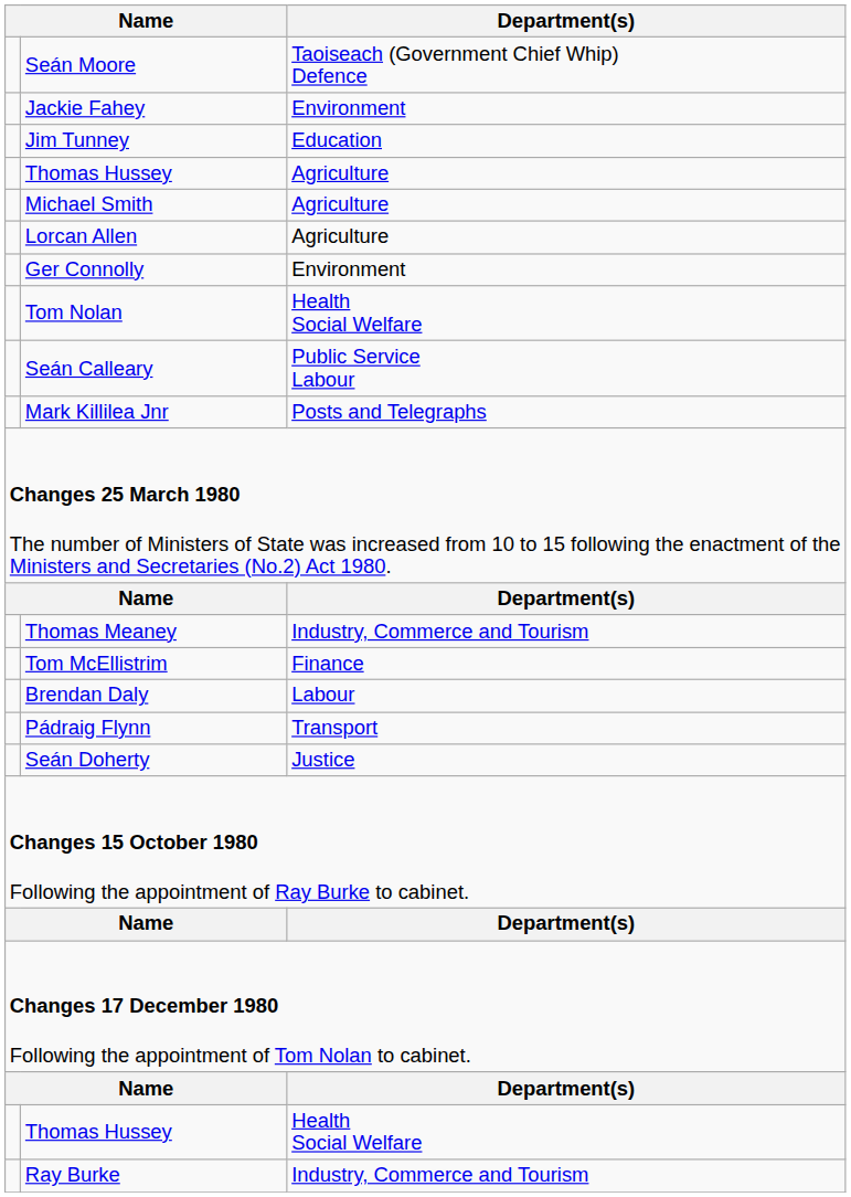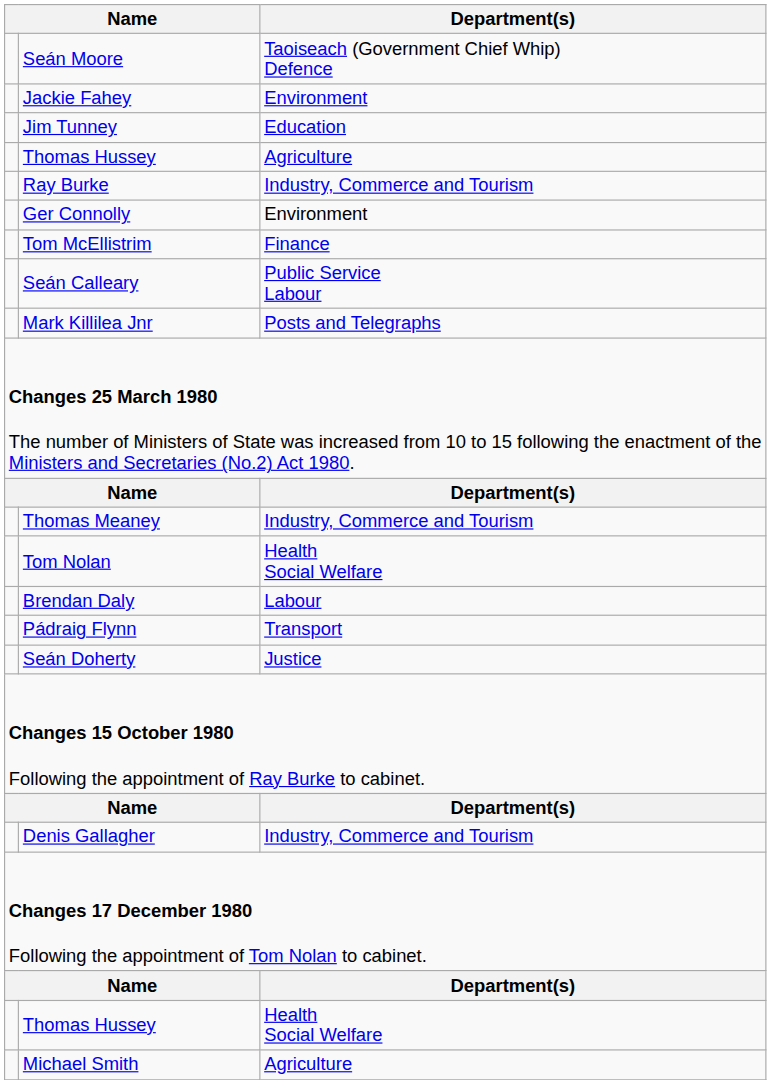 <table class="wikitable">
 <tr>
 <th colspan="2">Name</th>
 <th>Department(s)</th>
 </tr>
 <tr>
 <td style="background-color: "></td>
 <td><a href='#'>Seán Moore</a></td>
 <td><a href='#'>Taoiseach</a> (Government Chief Whip)<br><a href='#'>Defence</a></td>
 </tr>
 <tr>
 <td style="background-color: "></td>
 <td><a href='#'>Jackie Fahey</a></td>
 <td><a href='#'>Environment</a></td>
 </tr>
 <tr>
 <td style="background-color: "></td>
 <td><a href='#'>Jim Tunney</a></td>
 <td><a href='#'>Education</a></td>
 </tr>
 <tr>
 <td style="background-color: "></td>
 <td><a href='#'>Thomas Hussey</a></td>
 <td><a href='#'>Agriculture</a></td>
 </tr>
 <tr>
 <td style="background-color: "></td>
-<td><a href='#'>Michael Smith</a></td>
-<td><a href='#'>Agriculture</a></td>
-</tr>
-<tr>
-<td style="background-color: "></td>
-<td><a href='#'>Lorcan Allen</a></td>
-<td>Agriculture</td>
+<td><a href='#'>Ray Burke</a></td>
+<td><a href='#'>Industry, Commerce and Tourism</a></td>
 </tr>
 <tr>
 <td style="background-color: "></td>
 <td><a href='#'>Ger Connolly</a></td>
 <td>Environment</td>
 </tr>
 <tr>
 <td style="background-color: "></td>
-<td><a href='#'>Tom Nolan</a></td>
-<td><a href='#'>Health</a><br><a href='#'>Social Welfare</a></td>
+<td><a href='#'>Tom McEllistrim</a></td>
+<td><a href='#'>Finance</a></td>
 </tr>
 <tr>
 <td style="background-color: "></td>
 <td><a href='#'>Seán Calleary</a></td>
 <td><a href='#'>Public Service</a><br><a href='#'>Labour</a></td>
 </tr>
 <tr>
 <td style="background-color: "></td>
 <td><a href='#'>Mark Killilea Jnr</a></td>
 <td><a href='#'>Posts and Telegraphs</a></td>
 </tr>
 <tr>
 <td colspan="3"><br><h4>Changes 25 March 1980</h4>The number of Ministers of State was increased from 10 to 15 following the enactment of the<br><a href='#'>Ministers and Secretaries (No.2) Act 1980</a>.</td>
 </tr>
 <tr>
 <th colspan="2">Name</th>
 <th>Department(s)</th>
 </tr>
 <tr>
 <td style="background-color: "></td>
 <td><a href='#'>Thomas Meaney</a></td>
 <td><a href='#'>Industry, Commerce and Tourism</a></td>
 </tr>
 <tr>
 <td style="background-color: "></td>
-<td><a href='#'>Tom McEllistrim</a></td>
-<td><a href='#'>Finance</a></td>
+<td><a href='#'>Tom Nolan</a></td>
+<td><a href='#'>Health</a><br><a href='#'>Social Welfare</a></td>
 </tr>
 <tr>
 <td style="background-color: "></td>
 <td><a href='#'>Brendan Daly</a></td>
 <td><a href='#'>Labour</a></td>
 </tr>
 <tr>
 <td style="background-color: "></td>
 <td><a href='#'>Pádraig Flynn</a></td>
 <td><a href='#'>Transport</a></td>
 </tr>
 <tr>
 <td style="background-color: "></td>
 <td><a href='#'>Seán Doherty</a></td>
 <td><a href='#'>Justice</a></td>
 </tr>
 <tr>
 <td colspan="3"><br><h4>Changes 15 October 1980</h4>Following the appointment of <a href='#'>Ray Burke</a> to cabinet.</td>
 </tr>
 <tr>
 <th colspan="2">Name</th>
 <th>Department(s)</th>
 </tr>
 <tr>
+<td style="background-color: "></td>
+<td><a href='#'>Denis Gallagher</a></td>
+<td><a href='#'>Industry, Commerce and Tourism</a></td>
+</tr>
+<tr>
 <td colspan="3"><br><h4>Changes 17 December 1980</h4>Following the appointment of <a href='#'>Tom Nolan</a> to cabinet.</td>
 </tr>
 <tr>
 <th colspan="2">Name</th>
 <th>Department(s)</th>
 </tr>
 <tr>
 <td style="background-color: "></td>
 <td><a href='#'>Thomas Hussey</a></td>
 <td><a href='#'>Health</a><br><a href='#'>Social Welfare</a></td>
 </tr>
 <tr>
 <td style="background-color: "></td>
-<td><a href='#'>Ray Burke</a></td>
-<td><a href='#'>Industry, Commerce and Tourism</a></td>
+<td><a href='#'>Michael Smith</a></td>
+<td><a href='#'>Agriculture</a></td>
 </tr>
 </table>
